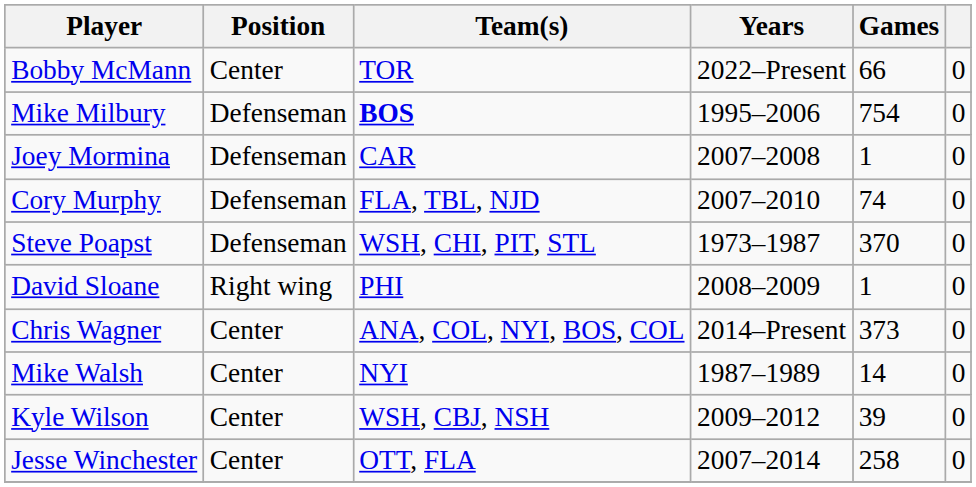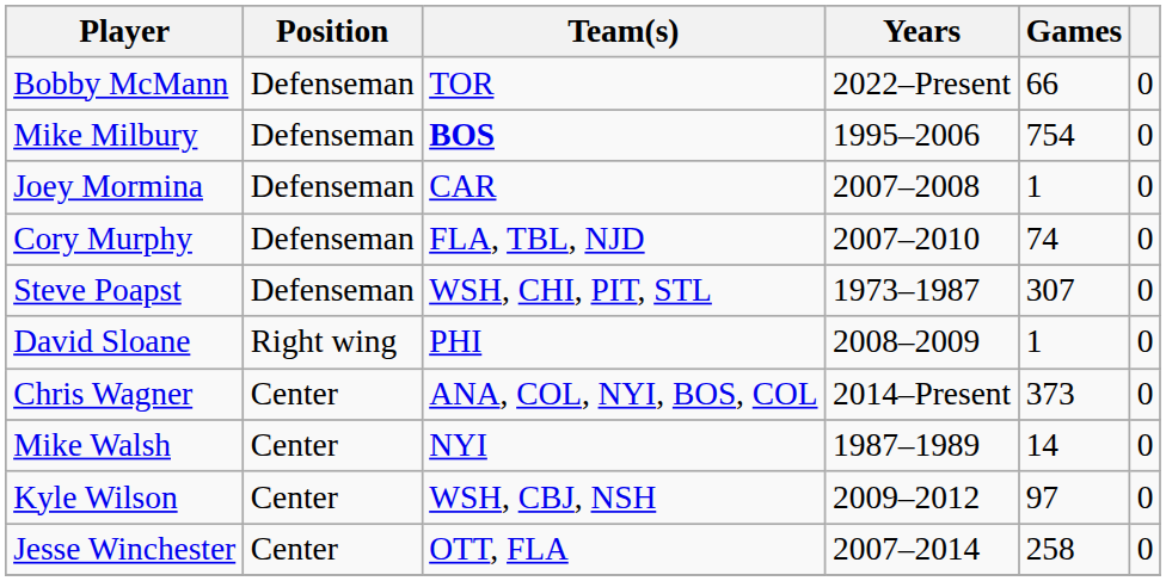 <table class="wikitable sortable">
 <tr>
 <th>Player</th>
 <th>Position</th>
 <th>Team(s)</th>
 <th>Years</th>
 <th>Games</th>
 <th><a href='#'></a></th>
 </tr>
 <tr>
 <td><a href='#'>Bobby McMann</a></td>
-<td>Center</td>
+<td>Defenseman</td>
 <td><a href='#'>TOR</a></td>
 <td>2022–Present</td>
 <td>66</td>
 <td>0</td>
 </tr>
 <tr>
 <td><a href='#'>Mike Milbury</a></td>
 <td>Defenseman</td>
 <td><strong><a href='#'>BOS</a></strong></td>
 <td>1995–2006</td>
 <td>754</td>
 <td>0</td>
 </tr>
 <tr>
 <td><a href='#'>Joey Mormina</a></td>
 <td>Defenseman</td>
 <td><a href='#'>CAR</a></td>
 <td>2007–2008</td>
 <td>1</td>
 <td>0</td>
 </tr>
 <tr>
 <td><a href='#'>Cory Murphy</a></td>
 <td>Defenseman</td>
 <td><a href='#'>FLA</a>, <a href='#'>TBL</a>, <a href='#'>NJD</a></td>
 <td>2007–2010</td>
 <td>74</td>
 <td>0</td>
 </tr>
 <tr>
 <td><a href='#'>Steve Poapst</a></td>
 <td>Defenseman</td>
 <td><a href='#'>WSH</a>, <a href='#'>CHI</a>, <a href='#'>PIT</a>, <a href='#'>STL</a></td>
 <td>1973–1987</td>
-<td>370</td>
+<td>307</td>
 <td>0</td>
 </tr>
 <tr>
 <td><a href='#'>David Sloane</a></td>
 <td>Right wing</td>
 <td><a href='#'>PHI</a></td>
 <td>2008–2009</td>
 <td>1</td>
 <td>0</td>
 </tr>
 <tr>
 <td><a href='#'>Chris Wagner</a></td>
 <td>Center</td>
 <td><a href='#'>ANA</a>, <a href='#'>COL</a>, <a href='#'>NYI</a>, <a href='#'>BOS</a>, <a href='#'>COL</a></td>
 <td>2014–Present</td>
 <td>373</td>
 <td>0</td>
 </tr>
 <tr>
 <td><a href='#'>Mike Walsh</a></td>
 <td>Center</td>
 <td><a href='#'>NYI</a></td>
 <td>1987–1989</td>
 <td>14</td>
 <td>0</td>
 </tr>
 <tr>
 <td><a href='#'>Kyle Wilson</a></td>
 <td>Center</td>
 <td><a href='#'>WSH</a>, <a href='#'>CBJ</a>, <a href='#'>NSH</a></td>
 <td>2009–2012</td>
-<td>39</td>
+<td>97</td>
 <td>0</td>
 </tr>
 <tr>
 <td><a href='#'>Jesse Winchester</a></td>
 <td>Center</td>
 <td><a href='#'>OTT</a>, <a href='#'>FLA</a></td>
 <td>2007–2014</td>
 <td>258</td>
 <td>0</td>
 </tr>
 <tr>
 </tr>
 </table>
